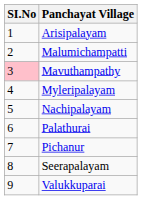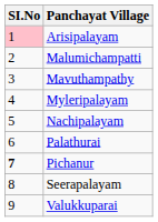 <table class="wikitable sortable">
 <tr>
 <th>SI.No</th>
 <th>Panchayat Village</th>
 </tr>
 <tr>
-<td>1</td>
+<td style="background: pink;">1</td>
 <td><a href='#'>Arisipalayam</a></td>
 </tr>
 <tr>
 <td>2</td>
 <td><a href='#'>Malumichampatti</a></td>
 </tr>
 <tr>
-<td style="background: pink;">3</td>
+<td>3</td>
 <td><a href='#'>Mavuthampathy</a></td>
 </tr>
 <tr>
 <td>4</td>
 <td><a href='#'>Myleripalayam</a></td>
 </tr>
 <tr>
 <td>5</td>
 <td><a href='#'>Nachipalayam</a></td>
 </tr>
 <tr>
 <td>6</td>
 <td><a href='#'>Palathurai</a></td>
 </tr>
 <tr>
-<td>7</td>
+<td><strong>7</strong></td>
 <td><a href='#'>Pichanur</a></td>
 </tr>
 <tr>
 <td>8</td>
 <td>Seerapalayam</td>
 </tr>
 <tr>
 <td>9</td>
 <td><a href='#'>Valukkuparai</a></td>
 </tr>
 </table>
